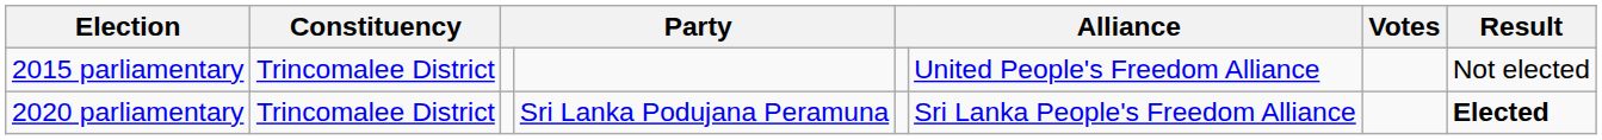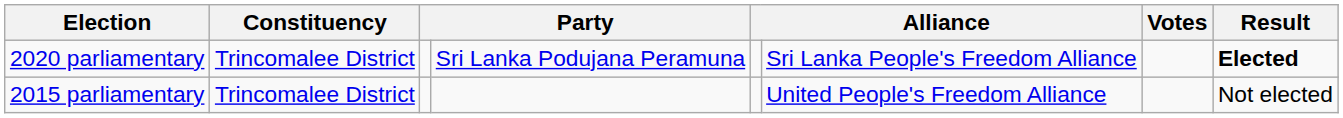 <table class="wikitable" style="text-align:left;">
 <tr>
 <th scope=col>Election</th>
 <th scope=col>Constituency</th>
 <th scope=col colspan="2">Party</th>
 <th scope=col colspan="2">Alliance</th>
 <th scope=col>Votes</th>
 <th scope=col>Result</th>
+</tr>
+<tr>
+<td><a href='#'>2020 parliamentary</a></td>
+<td><a href='#'>Trincomalee District</a></td>
+<td style="background:"></td>
+<td><a href='#'>Sri Lanka Podujana Peramuna</a></td>
+<td style="background:"></td>
+<td><a href='#'>Sri Lanka People's Freedom Alliance</a></td>
+<td align=right></td>
+<td><strong>Elected</strong></td>
 </tr>
 <tr>
 <td><a href='#'>2015 parliamentary</a></td>
 <td><a href='#'>Trincomalee District</a></td>
 <td></td>
 <td></td>
 <td style="background:"></td>
 <td><a href='#'>United People's Freedom Alliance</a></td>
 <td align=right></td>
 <td>Not elected</td>
 </tr>
-<tr>
-<td><a href='#'>2020 parliamentary</a></td>
-<td><a href='#'>Trincomalee District</a></td>
-<td style="background:"></td>
-<td><a href='#'>Sri Lanka Podujana Peramuna</a></td>
-<td style="background:"></td>
-<td><a href='#'>Sri Lanka People's Freedom Alliance</a></td>
-<td align=right></td>
-<td><strong>Elected</strong></td>
-</tr>
 </table>
